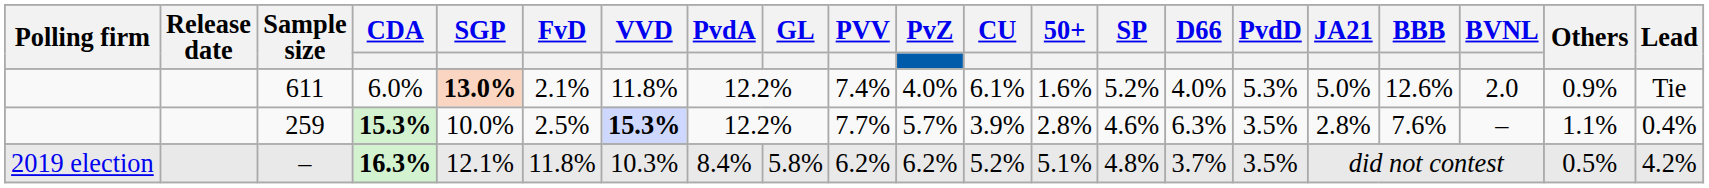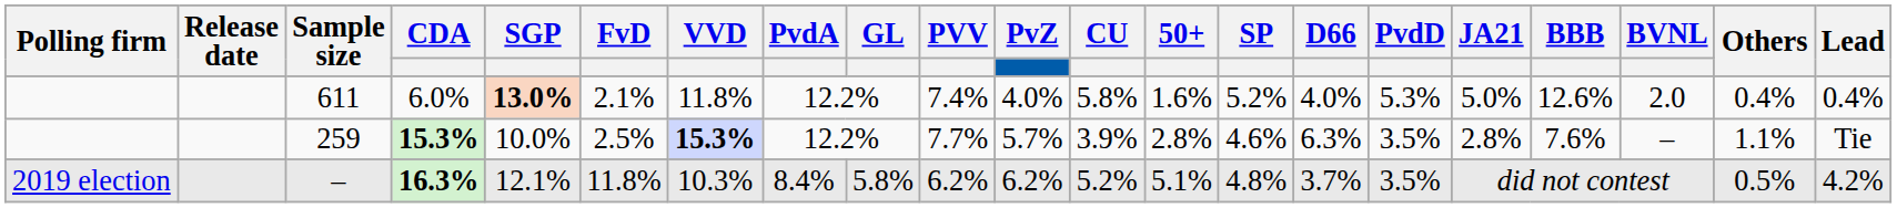 <table class="wikitable sortable tpl-blanktable" style="text-align:center;font-size:90%;line-height:14px;">
 <tr>
 <th rowspan="2">Polling firm</th>
 <th rowspan="2">Release<br>date</th>
 <th rowspan="2">Sample<br>size</th>
 <th class="unsortable" style="width:30px;"><a href='#'>CDA</a></th>
 <th class="unsortable" style="width:30px;"><a href='#'>SGP</a></th>
 <th class="unsortable" style="width:30px;"><a href='#'>FvD</a></th>
 <th class="unsortable" style="width:30px;"><a href='#'>VVD</a></th>
 <th class="unsortable" style="width:30px;"><a href='#'>PvdA</a></th>
 <th class="unsortable" style="width:30px;"><a href='#'>GL</a></th>
 <th class="unsortable" style="width:30px;"><a href='#'>PVV</a></th>
 <th class="unsortable" style="width:30px;"><a href='#'>PvZ</a></th>
 <th class="unsortable" style="width:30px;"><a href='#'>CU</a></th>
 <th class="unsortable" style="width:30px;"><a href='#'>50+</a></th>
 <th class="unsortable" style="width:30px;"><a href='#'>SP</a></th>
 <th class="unsortable" style="width:30px;"><a href='#'>D66</a></th>
 <th class="unsortable" style="width:30px;"><a href='#'>PvdD</a></th>
 <th class="unsortable" style="width:30px;"><a href='#'>JA21</a></th>
 <th class="unsortable" style="width:30px;"><a href='#'>BBB</a></th>
 <th class="unsortable" style="width:30px;"><a href='#'>BVNL</a></th>
 <th class="unsortable" style="width:30px;" rowspan="2">Others</th>
 <th rowspan="2">Lead</th>
 </tr>
 <tr>
 <th data-sort-type="number" style="background:"></th>
 <th data-sort-type="number" style="background:"></th>
 <th data-sort-type="number" style="background:"></th>
 <th data-sort-type="number" style="background:"></th>
 <th data-sort-type="number" style="background:"></th>
 <th data-sort-type="number" style="background:"></th>
 <th data-sort-type="number" style="background:"></th>
 <th data-sort-type="number" style="background:#005caa;"></th>
 <th data-sort-type="number" style="background:"></th>
 <th data-sort-type="number" style="background:"></th>
 <th data-sort-type="number" style="background:"></th>
 <th data-sort-type="number" style="background:"></th>
 <th data-sort-type="number" style="background:"></th>
 <th data-sort-type="number" style="background:"></th>
 <th data-sort-type="number" style="background:"></th>
 <th data-sort-type="number" style="background:"></th>
 </tr>
 <tr>
 <td></td>
 <td></td>
 <td>611</td>
 <td>6.0%</td>
 <td style="background:#fad6c2;"><strong>13.0%</strong></td>
 <td>2.1%</td>
 <td>11.8%</td>
 <td colspan="2">12.2%</td>
 <td>7.4%</td>
 <td>4.0%</td>
-<td>6.1%</td>
+<td>5.8%</td>
 <td>1.6%</td>
 <td>5.2%</td>
 <td>4.0%</td>
 <td>5.3%</td>
 <td>5.0%</td>
 <td>12.6%</td>
 <td>2.0</td>
-<td>0.9%</td>
-<td>Tie</td>
+<td>0.4%</td>
+<td style="background:">0.4%</td>
 </tr>
 <tr>
 <td></td>
 <td></td>
 <td>259</td>
 <td style="background:#D3F2D0;"><strong>15.3%</strong></td>
 <td>10.0%</td>
 <td>2.5%</td>
 <td style="background:#CED7FD;"><strong>15.3%</strong></td>
 <td colspan="2">12.2%</td>
 <td>7.7%</td>
 <td>5.7%</td>
 <td>3.9%</td>
 <td>2.8%</td>
 <td>4.6%</td>
 <td>6.3%</td>
 <td>3.5%</td>
 <td>2.8%</td>
 <td>7.6%</td>
 <td>–</td>
 <td>1.1%</td>
-<td style="background:">0.4%</td>
+<td>Tie</td>
 </tr>
 <tr style="background:#E9E9E9;">
 <td><a href='#'>2019 election</a></td>
 <td></td>
 <td>–</td>
 <td style="background:#D3F2D0;"><strong>16.3%</strong></td>
 <td>12.1%</td>
 <td>11.8%</td>
 <td>10.3%</td>
 <td>8.4%</td>
 <td>5.8%</td>
 <td>6.2%</td>
 <td>6.2%</td>
 <td>5.2%</td>
 <td>5.1%</td>
 <td>4.8%</td>
 <td>3.7%</td>
 <td>3.5%</td>
 <td colspan=3><em>did not contest</em></td>
 <td>0.5%</td>
 <td style="background:">4.2%</td>
 </tr>
 </table>
